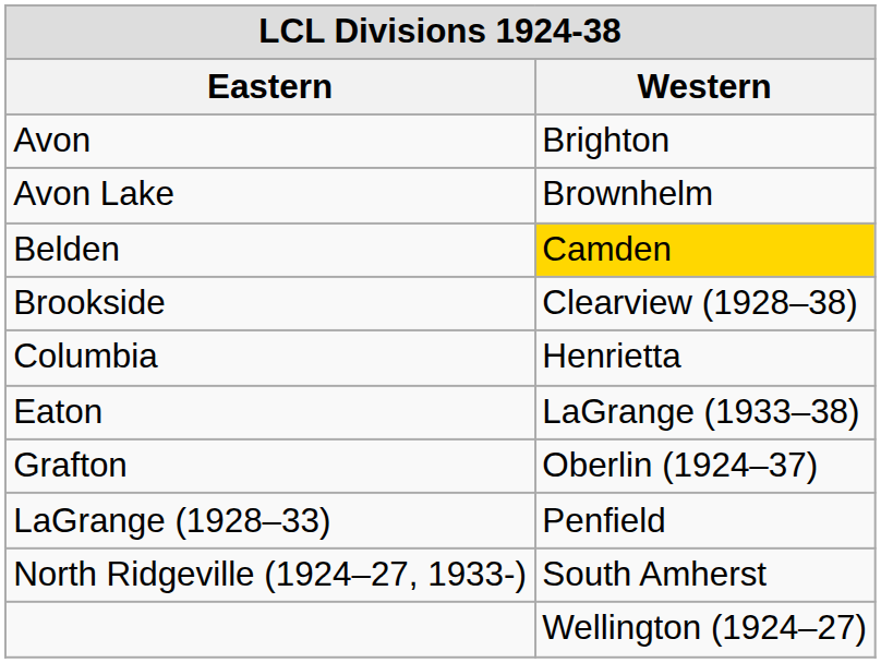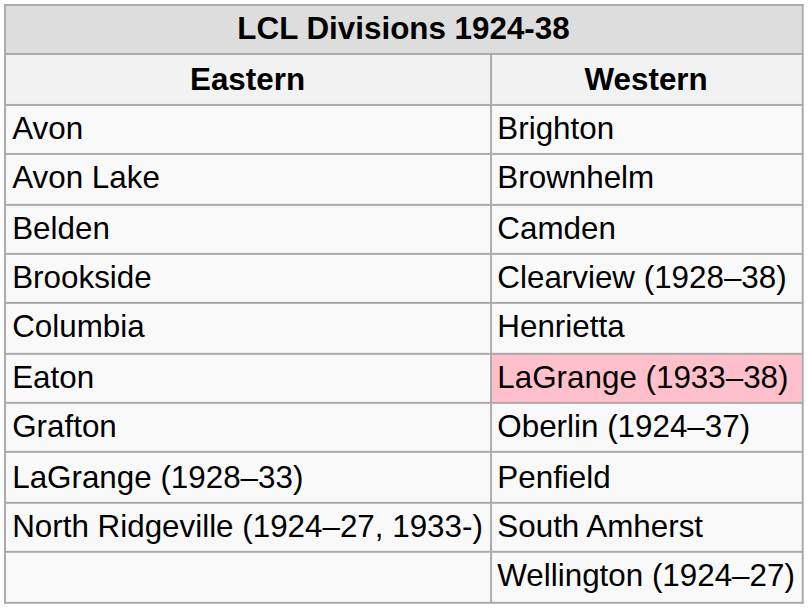 <table class="wikitable">
 <tr>
 <th colspan="4" style="background:#ddd;">LCL Divisions 1924-38</th>
 </tr>
 <tr>
 <th>Eastern</th>
 <th>Western</th>
 </tr>
 <tr>
 <td>Avon</td>
 <td>Brighton</td>
 </tr>
 <tr>
 <td>Avon Lake</td>
 <td>Brownhelm</td>
 </tr>
 <tr>
 <td>Belden</td>
-<td style="background: gold;">Camden</td>
+<td>Camden</td>
 </tr>
 <tr>
 <td>Brookside</td>
 <td>Clearview (1928–38)</td>
 </tr>
 <tr>
 <td>Columbia</td>
 <td>Henrietta</td>
 </tr>
 <tr>
 <td>Eaton</td>
-<td>LaGrange (1933–38)</td>
+<td style="background: pink;">LaGrange (1933–38)</td>
 </tr>
 <tr>
 <td>Grafton</td>
 <td>Oberlin (1924–37)</td>
 </tr>
 <tr>
 <td>LaGrange (1928–33)</td>
 <td>Penfield</td>
 </tr>
 <tr>
 <td>North Ridgeville (1924–27, 1933-)</td>
 <td>South Amherst</td>
 </tr>
 <tr>
 <td></td>
 <td>Wellington (1924–27)</td>
 </tr>
 </table>
